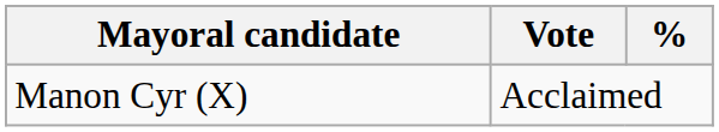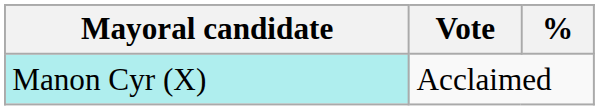 <table class="wikitable">
 <tr>
 <th bgcolor="#DDDDFF" width="200px">Mayoral candidate</th>
 <th bgcolor="#DDDDFF" width="50px">Vote</th>
 <th bgcolor="#DDDDFF"  width="30px">%</th>
 </tr>
 <tr>
-<td>Manon Cyr (X)</td>
+<td style="background: paleturquoise;">Manon Cyr (X)</td>
 <td colspan="2">Acclaimed</td>
 </tr>
 </table>
